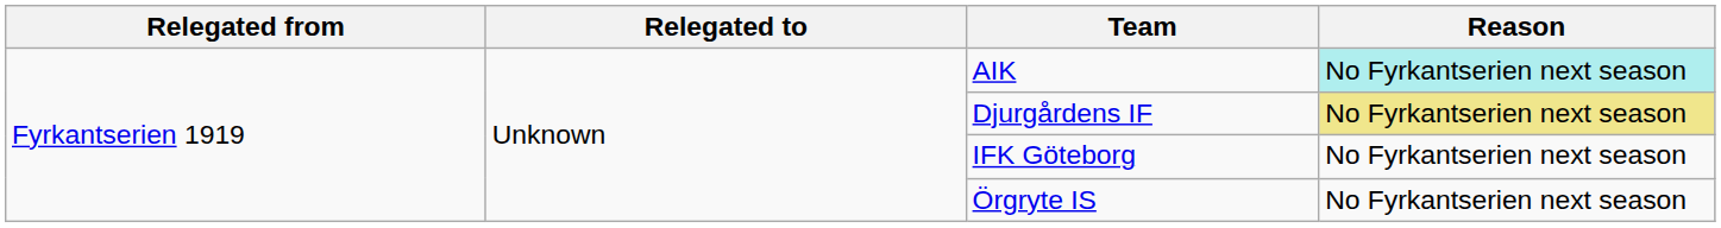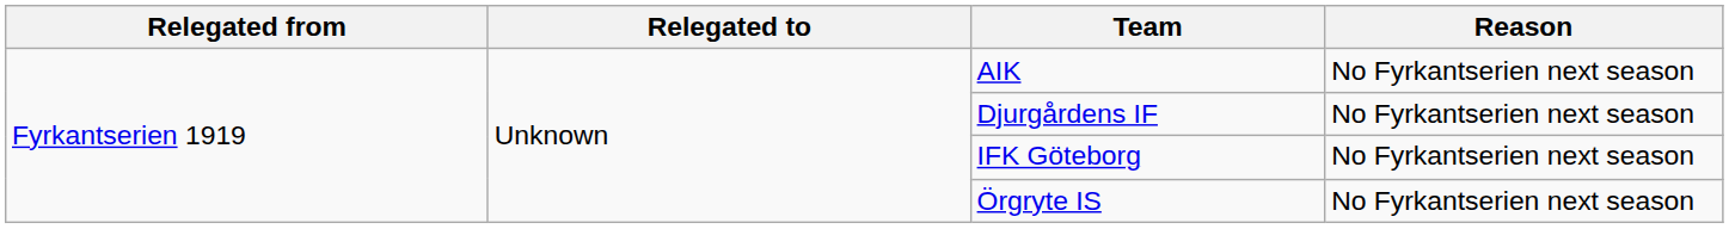 <table class="wikitable" style="text-align: left;">
 <tr>
 <th style="width: 275px;">Relegated from</th>
 <th style="width: 275px;">Relegated to</th>
 <th style="width: 200px;">Team</th>
 <th style="width: 225px;">Reason</th>
 </tr>
 <tr>
 <td rowspan=4><a href='#'>Fyrkantserien</a> 1919</td>
 <td rowspan=4>Unknown</td>
 <td><a href='#'>AIK</a></td>
-<td style="background: paleturquoise;">No Fyrkantserien next season</td>
+<td>No Fyrkantserien next season</td>
 </tr>
 <tr>
 <td><a href='#'>Djurgårdens IF</a></td>
-<td style="background: khaki;">No Fyrkantserien next season</td>
+<td>No Fyrkantserien next season</td>
 </tr>
 <tr>
 <td><a href='#'>IFK Göteborg</a></td>
 <td>No Fyrkantserien next season</td>
 </tr>
 <tr>
 <td><a href='#'>Örgryte IS</a></td>
 <td>No Fyrkantserien next season</td>
 </tr>
 </table>
